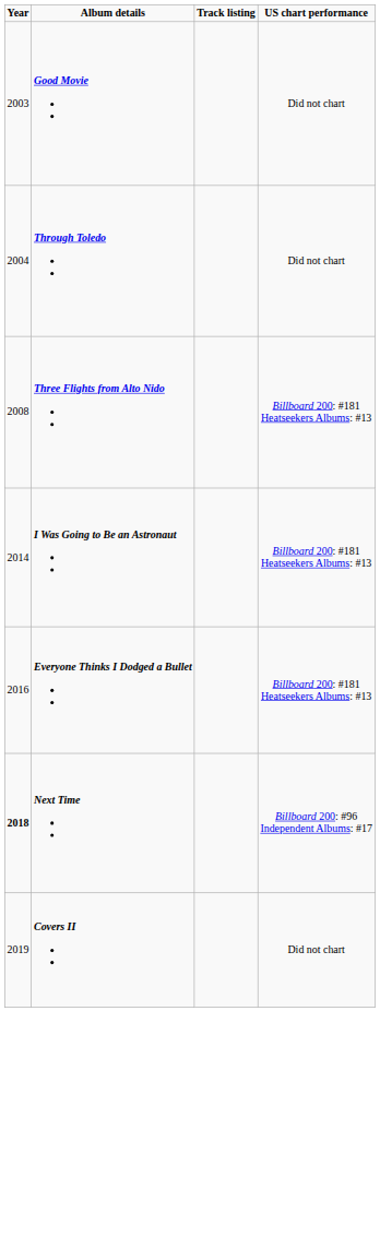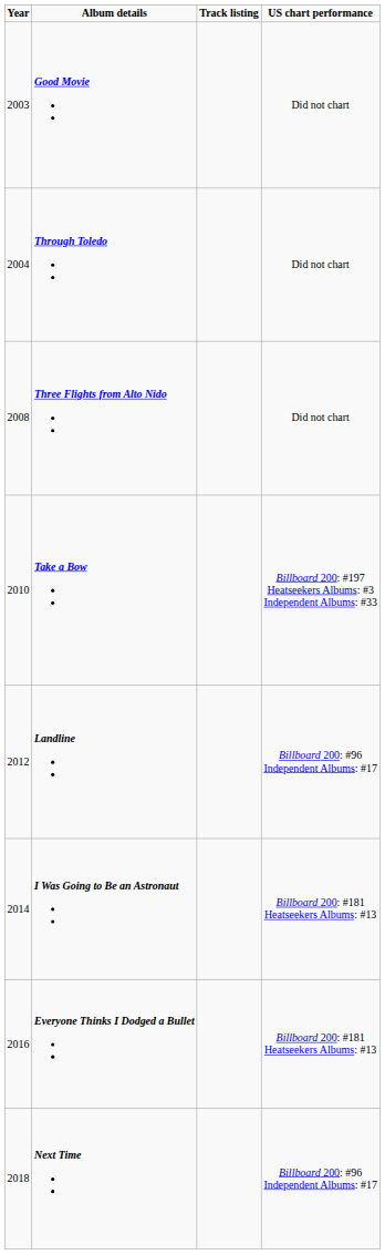 <table class="wikitable" style="text-align:center;">
 <tr>
 <td><strong>Year</strong></td>
 <td><strong>Album details</strong></td>
 <td><strong>Track listing</strong></td>
 <td><strong>US chart performance</strong></td>
 </tr>
 <tr>
 <td>2003</td>
 <td align="left"><strong><em><a href='#'>Good Movie</a></em></strong><br><ul><li></li><li></li></ul></td>
 <td align="left"><br><br> <br> <br> <br> <br> <br> <br> <br> <br> <br> <br> <br> </td>
 <td>Did not chart</td>
 </tr>
 <tr>
 <td>2004</td>
 <td align="left"><strong><em><a href='#'>Through Toledo</a></em></strong><br><ul><li></li><li></li></ul></td>
 <td align="left"><br><br> <br> <br> <br> <br> <br> <br> <br> <br> <br> <br> </td>
 <td>Did not chart</td>
 </tr>
 <tr>
 <td>2008</td>
 <td align="left"><strong><em><a href='#'>Three Flights from Alto Nido</a></em></strong><br><ul><li></li><li></li></ul></td>
 <td align="left"><br><br> <br> <br> <br> <br> <br> <br> <br> <br> <br> <br> </td>
-<td><a href='#'><em>Billboard</em> 200</a>: #181<br><a href='#'>Heatseekers Albums</a>: #13</td>
+<td>Did not chart</td>
+</tr>
+<tr>
+<td>2010</td>
+<td align="left"><strong><em><a href='#'>Take a Bow</a></em></strong><br><ul><li></li><li></li></ul></td>
+<td align="left"><br><br> <br> <br> <br> <br> <br> <br> <br> <br> <br> <br> <br> <br> <br> </td>
+<td><a href='#'><em>Billboard</em> 200</a>: #197<br><a href='#'>Heatseekers Albums</a>: #3<br> <a href='#'>Independent Albums</a>: #33</td>
+</tr>
+<tr>
+<td>2012</td>
+<td align="left"><strong><em>Landline</em></strong><br><ul><li></li><li></li></ul></td>
+<td align="left"><br><br> <br> <br> <br> <br> <br> <br> <br> <br> <br> <br> </td>
+<td><a href='#'><em>Billboard</em> 200</a>: #96<br><a href='#'>Independent Albums</a>: #17</td>
 </tr>
 <tr>
 <td>2014</td>
 <td align="left"><strong><em>I Was Going to Be an Astronaut</em></strong><br><ul><li></li><li></li></ul></td>
 <td align="left"><br><br> <br> <br> <br> <br> <br> <br> <br> <br> <br> </td>
 <td><a href='#'><em>Billboard</em> 200</a>: #181<br><a href='#'>Heatseekers Albums</a>: #13</td>
 </tr>
 <tr>
 <td>2016</td>
 <td align="left"><strong><em>Everyone Thinks I Dodged a Bullet</em></strong><br><ul><li></li><li></li></ul></td>
 <td align="left"><br><br> <br> <br> <br> <br> <br> <br> <br> <br> </td>
 <td><a href='#'><em>Billboard</em> 200</a>: #181<br><a href='#'>Heatseekers Albums</a>: #13</td>
 </tr>
 <tr>
-<td><strong>2018</strong></td>
+<td>2018</td>
 <td align="left"><strong><em>Next Time</em></strong><br><ul><li></li><li></li></ul></td>
 <td align="left"><br><br> <br> <br> <br> <br> <br> <br> <br> <br> <br> </td>
 <td><a href='#'><em>Billboard</em> 200</a>: #96<br><a href='#'>Independent Albums</a>: #17</td>
 </tr>
-<tr>
-<td>2019</td>
-<td align="left"><strong><em>Covers II</em></strong><br><ul><li></li><li></li></ul></td>
-<td align="left"><br><br> <br> <br> <br> <br> <br> <br> <br></td>
-<td>Did not chart</td>
-</tr>
 </table>
